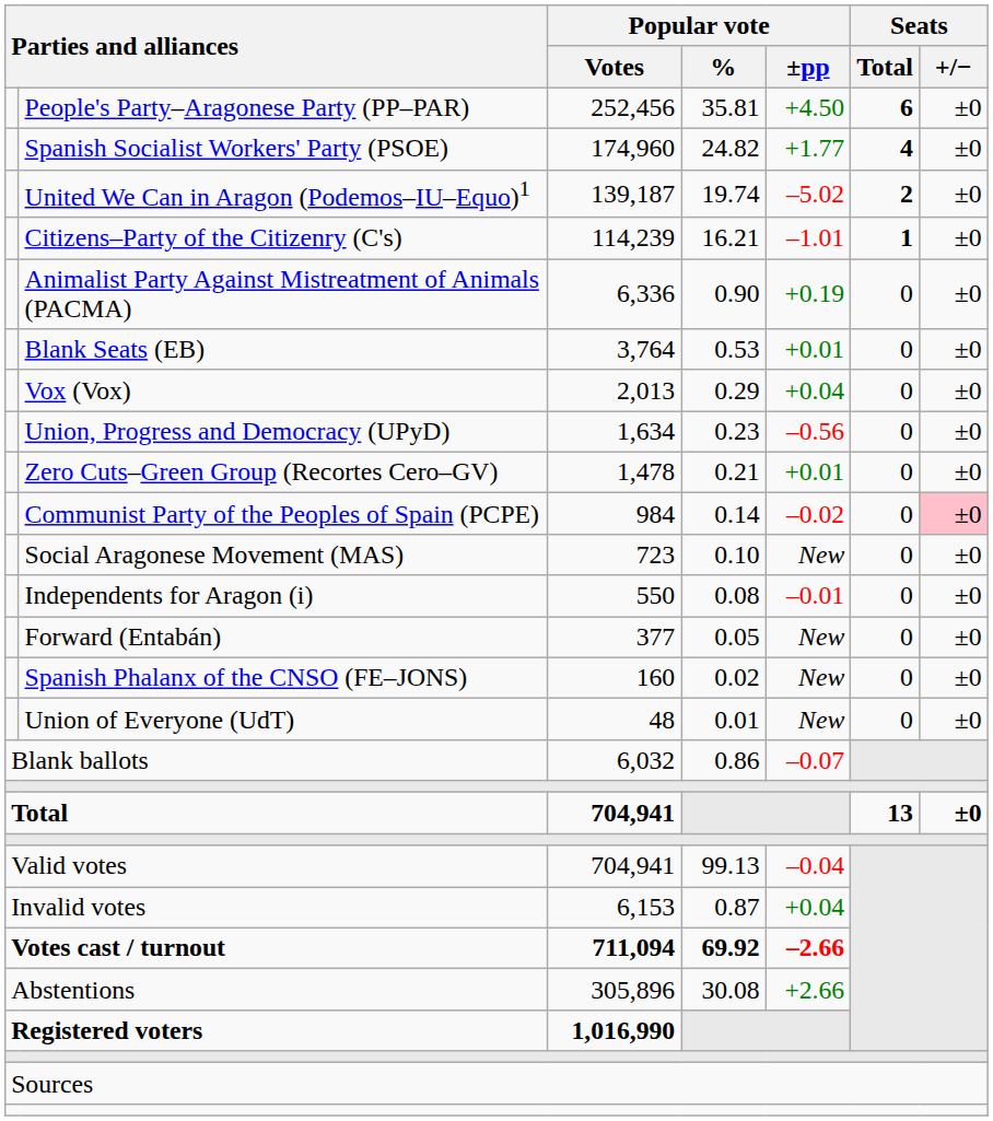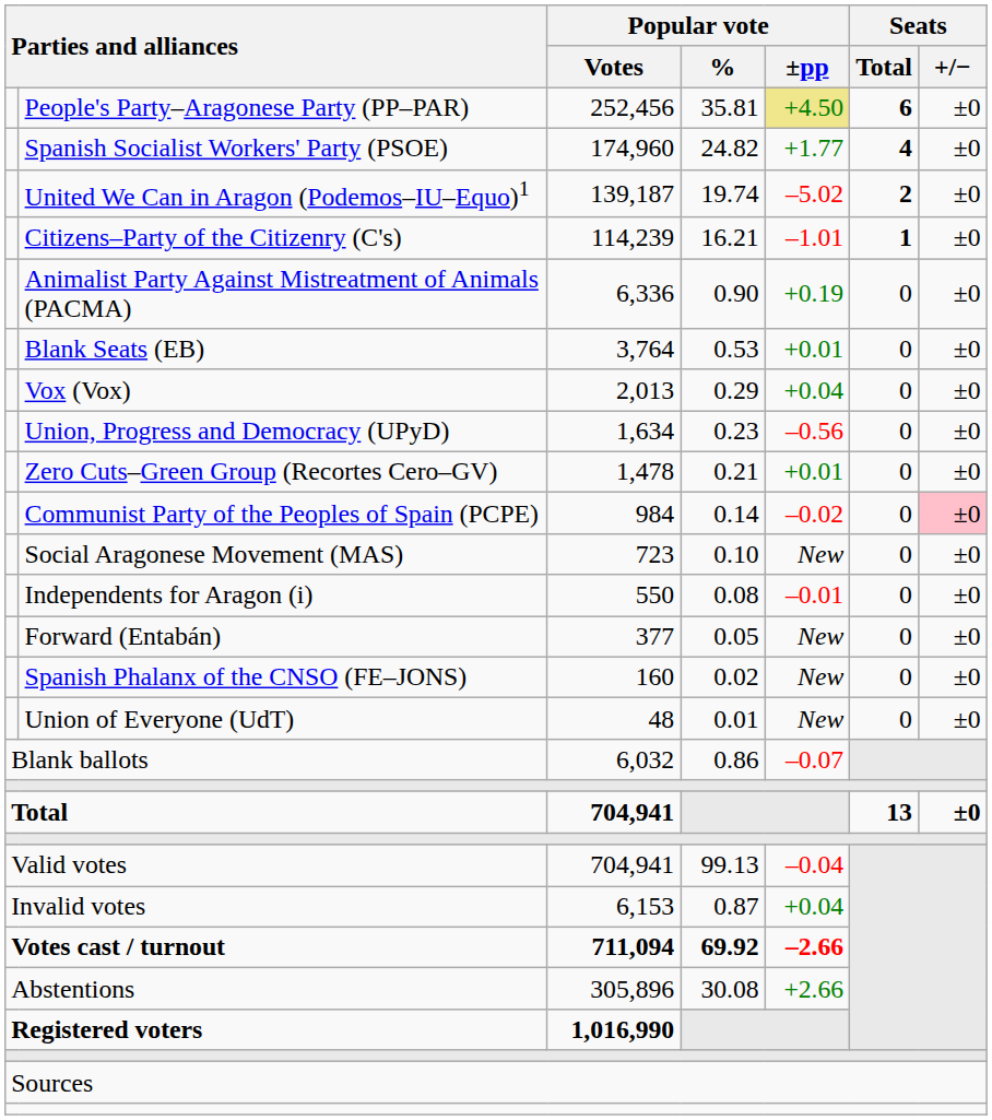 <table class="wikitable" style="text-align:right;">
 <tr>
 <th style="text-align:left;" rowspan="2" colspan="2" width="525">Parties and alliances</th>
 <th colspan="3">Popular vote</th>
 <th colspan="2">Seats</th>
 </tr>
 <tr>
 <th width="75">Votes</th>
 <th width="45">%</th>
 <th width="45">±<a href='#'>pp</a></th>
 <th width="35">Total</th>
 <th width="35">+/−</th>
 </tr>
 <tr>
 <td width="1" style="color:inherit;background:"></td>
 <td align="left"><a href='#'>People's Party</a>–<a href='#'>Aragonese Party</a> (PP–PAR)</td>
 <td>252,456</td>
 <td>35.81</td>
-<td style="color:green;">+4.50</td>
+<td style="background: khaki; color:green;">+4.50</td>
 <td><strong>6</strong></td>
 <td>±0</td>
 </tr>
 <tr>
 <td style="color:inherit;background:"></td>
 <td align="left"><a href='#'>Spanish Socialist Workers' Party</a> (PSOE)</td>
 <td>174,960</td>
 <td>24.82</td>
 <td style="color:green;">+1.77</td>
 <td><strong>4</strong></td>
 <td>±0</td>
 </tr>
 <tr>
 <td style="color:inherit;background:"></td>
 <td align="left"><a href='#'>United We Can in Aragon</a> (<a href='#'>Podemos</a>–<a href='#'>IU</a>–<a href='#'>Equo</a>)<sup>1</sup></td>
 <td>139,187</td>
 <td>19.74</td>
 <td style="color:red;">–5.02</td>
 <td><strong>2</strong></td>
 <td>±0</td>
 </tr>
 <tr>
 <td style="color:inherit;background:"></td>
 <td align="left"><a href='#'>Citizens–Party of the Citizenry</a> (C's)</td>
 <td>114,239</td>
 <td>16.21</td>
 <td style="color:red;">–1.01</td>
 <td><strong>1</strong></td>
 <td>±0</td>
 </tr>
 <tr>
 <td style="color:inherit;background:"></td>
 <td align="left"><a href='#'>Animalist Party Against Mistreatment of Animals</a> (PACMA)</td>
 <td>6,336</td>
 <td>0.90</td>
 <td style="color:green;">+0.19</td>
 <td>0</td>
 <td>±0</td>
 </tr>
 <tr>
 <td style="color:inherit;background:"></td>
 <td align="left"><a href='#'>Blank Seats</a> (EB)</td>
 <td>3,764</td>
 <td>0.53</td>
 <td style="color:green;">+0.01</td>
 <td>0</td>
 <td>±0</td>
 </tr>
 <tr>
 <td style="color:inherit;background:"></td>
 <td align="left"><a href='#'>Vox</a> (Vox)</td>
 <td>2,013</td>
 <td>0.29</td>
 <td style="color:green;">+0.04</td>
 <td>0</td>
 <td>±0</td>
 </tr>
 <tr>
 <td style="color:inherit;background:"></td>
 <td align="left"><a href='#'>Union, Progress and Democracy</a> (UPyD)</td>
 <td>1,634</td>
 <td>0.23</td>
 <td style="color:red;">–0.56</td>
 <td>0</td>
 <td>±0</td>
 </tr>
 <tr>
 <td style="color:inherit;background:"></td>
 <td align="left"><a href='#'>Zero Cuts</a>–<a href='#'>Green Group</a> (Recortes Cero–GV)</td>
 <td>1,478</td>
 <td>0.21</td>
 <td style="color:green;">+0.01</td>
 <td>0</td>
 <td>±0</td>
 </tr>
 <tr>
 <td style="color:inherit;background:"></td>
 <td align="left"><a href='#'>Communist Party of the Peoples of Spain</a> (PCPE)</td>
 <td>984</td>
 <td>0.14</td>
 <td style="color:red;">–0.02</td>
 <td>0</td>
 <td style="background: pink;">±0</td>
 </tr>
 <tr>
 <td style="color:inherit;background:"></td>
 <td align="left">Social Aragonese Movement (MAS)</td>
 <td>723</td>
 <td>0.10</td>
 <td><em>New</em></td>
 <td>0</td>
 <td>±0</td>
 </tr>
 <tr>
 <td style="color:inherit;background:"></td>
 <td align="left">Independents for Aragon (i)</td>
 <td>550</td>
 <td>0.08</td>
 <td style="color:red;">–0.01</td>
 <td>0</td>
 <td>±0</td>
 </tr>
 <tr>
 <td style="color:inherit;background:"></td>
 <td align="left">Forward (Entabán)</td>
 <td>377</td>
 <td>0.05</td>
 <td><em>New</em></td>
 <td>0</td>
 <td>±0</td>
 </tr>
 <tr>
 <td style="color:inherit;background:"></td>
 <td align="left"><a href='#'>Spanish Phalanx of the CNSO</a> (FE–JONS)</td>
 <td>160</td>
 <td>0.02</td>
 <td><em>New</em></td>
 <td>0</td>
 <td>±0</td>
 </tr>
 <tr>
 <td style="color:inherit;background:"></td>
 <td align="left">Union of Everyone (UdT)</td>
 <td>48</td>
 <td>0.01</td>
 <td><em>New</em></td>
 <td>0</td>
 <td>±0</td>
 </tr>
 <tr>
 <td align="left" colspan="2">Blank ballots</td>
 <td>6,032</td>
 <td>0.86</td>
 <td style="color:red;">–0.07</td>
 <td bgcolor="#E9E9E9" colspan="2"></td>
 </tr>
 <tr>
 <td colspan="7" bgcolor="#E9E9E9"></td>
 </tr>
 <tr style="font-weight:bold;">
 <td align="left" colspan="2">Total</td>
 <td>704,941</td>
 <td bgcolor="#E9E9E9" colspan="2"></td>
 <td>13</td>
 <td>±0</td>
 </tr>
 <tr>
 <td colspan="7" bgcolor="#E9E9E9"></td>
 </tr>
 <tr>
 <td align="left" colspan="2">Valid votes</td>
 <td>704,941</td>
 <td>99.13</td>
 <td style="color:red;">–0.04</td>
 <td bgcolor="#E9E9E9" colspan="2" rowspan="5"></td>
 </tr>
 <tr>
 <td align="left" colspan="2">Invalid votes</td>
 <td>6,153</td>
 <td>0.87</td>
 <td style="color:green;">+0.04</td>
 </tr>
 <tr style="font-weight:bold;">
 <td align="left" colspan="2">Votes cast / turnout</td>
 <td>711,094</td>
 <td>69.92</td>
 <td style="color:red;">–2.66</td>
 </tr>
 <tr>
 <td align="left" colspan="2">Abstentions</td>
 <td>305,896</td>
 <td>30.08</td>
 <td style="color:green;">+2.66</td>
 </tr>
 <tr style="font-weight:bold;">
 <td align="left" colspan="2">Registered voters</td>
 <td>1,016,990</td>
 <td bgcolor="#E9E9E9" colspan="2"></td>
 </tr>
 <tr>
 <td colspan="7" bgcolor="#E9E9E9"></td>
 </tr>
 <tr>
 <td align="left" colspan="7">Sources</td>
 </tr>
 <tr>
 <td colspan="7" style="text-align:left; max-width:790px;"></td>
 </tr>
 </table>
